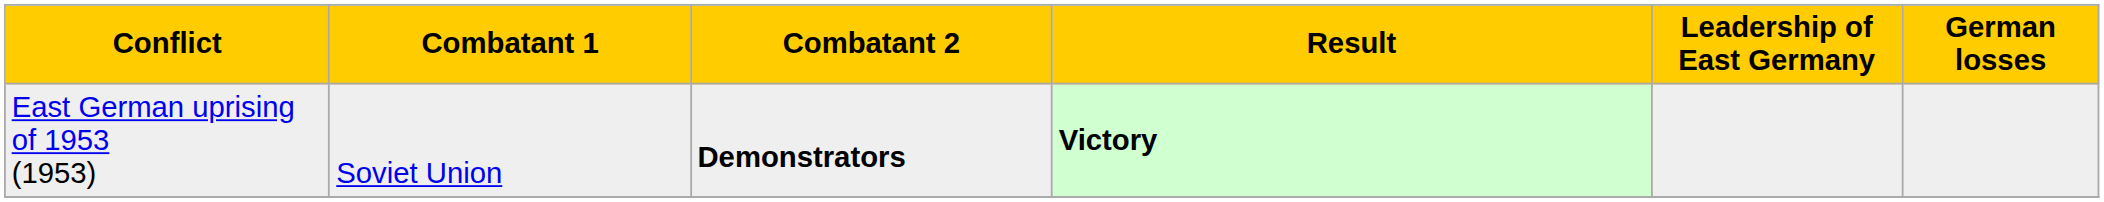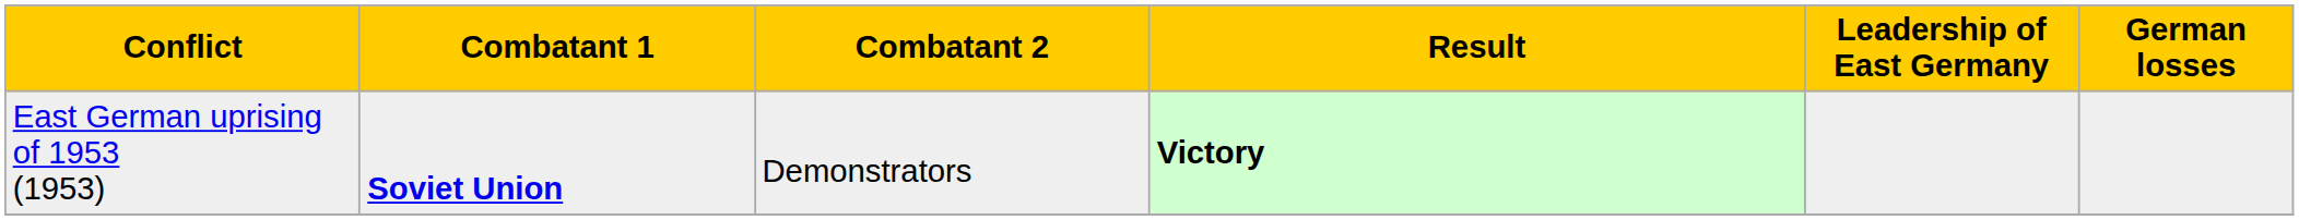 <table class="wikitable">
 <tr>
 <th style="background:#FFCC00" width="170px">Conflict</th>
 <th style="background:#FFCC00" width="190px">Combatant 1</th>
 <th style="background:#FFCC00" width="190px">Combatant 2</th>
 <th style="background:#FFCC00" width="320px">Result</th>
 <th style="background:#FFCC00" width="130px">Leadership of East Germany</th>
 <th style="background:#FFCC00" width="100px">German losses</th>
 </tr>
 <tr>
 <td style="background:#efefef"><a href='#'>East German uprising of 1953</a><br>(1953)</td>
-<td style="background:#efefef"><br><br> <a href='#'>Soviet Union</a></td>
-<td style="background:#efefef"><strong><br>Demonstrators</strong></td>
+<td style="background:#efefef"><strong><br><br> <a href='#'>Soviet Union</a></strong></td>
+<td style="background:#efefef"><br>Demonstrators</td>
 <td style="background:#D0FFD0"><strong>Victory</strong></td>
 <td style="background:#efefef"></td>
 <td style="background:#efefef"></td>
 </tr>
 <tr>
 </tr>
 </table>
